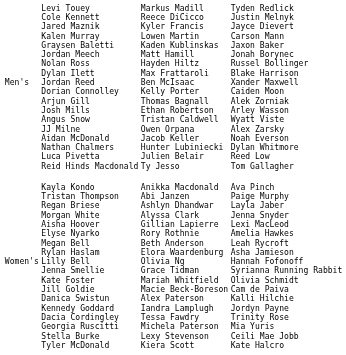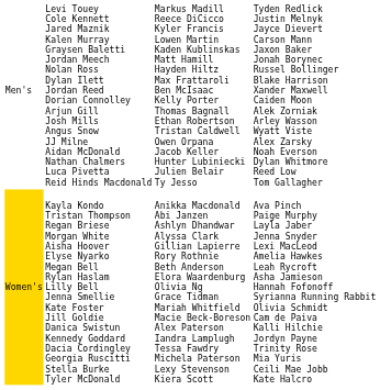 <table>
 <tr>
 <td>Men's</td>
 <td><br>Levi Touey<br>Cole Kennett<br>Jared Maznik<br>Kalen Murray<br>Graysen Baletti<br>Jordan Meech<br>Nolan Ross<br>Dylan Ilett<br>Jordan Reed<br>Dorian Connolley<br>Arjun Gill<br>Josh Mills<br>Angus Snow<br>JJ Milne<br>Aidan McDonald<br>Nathan Chalmers<br>Luca Pivetta<br>Reid Hinds Macdonald</td>
 <td><br>Markus Madill<br>Reece DiCicco<br>Kyler Francis<br>Lowen Martin<br>Kaden Kublinskas<br>Matt Hamill<br>Hayden Hiltz<br>Max Frattaroli<br>Ben McIsaac<br>Kelly Porter<br>Thomas Bagnall<br>Ethan Robertson<br>Tristan Caldwell<br>Owen Orpana<br>Jacob Keller<br>Hunter Lubiniecki<br>Julien Belair<br>Ty Jesso</td>
 <td><br>Tyden Redlick<br>Justin Melnyk<br>Jayce Dievert<br>Carson Mann<br>Jaxon Baker<br>Jonah Borynec<br>Russel Bollinger<br>Blake Harrison<br>Xander Maxwell<br>Caiden Moon<br>Alek Zorniak<br>Arley Wasson<br>Wyatt Viste<br>Alex Zarsky<br>Noah Everson<br>Dylan Whitmore<br>Reed Low<br>Tom Gallagher</td>
 </tr>
 <tr>
-<td>Women's</td>
+<td style="background: gold;">Women's</td>
 <td><br>Kayla Kondo<br>Tristan Thompson<br>Regan Briese<br>Morgan White<br>Aisha Hoover<br>Elyse Nyarko<br>Megan Bell<br>Rylan Haslam<br>Lilly Bell<br>Jenna Smellie<br>Kate Foster<br>Jill Goldie<br>Danica Swistun<br>Kennedy Goddard<br>Dacia Cordingley<br>Georgia Ruscitti<br>Stella Burke<br>Tyler McDonald</td>
 <td><br>Anikka Macdonald<br>Abi Janzen<br>Ashlyn Dhandwar<br>Alyssa Clark<br>Gillian Lapierre<br>Rory Rothnie<br>Beth Anderson<br>Elora Waardenburg<br>Olivia Ng<br>Grace Tidman<br>Mariah Whitfield<br>Macie Beck-Boreson<br>Alex Paterson<br>Iandra Lamplugh<br>Tessa Fawdry<br>Michela Paterson<br>Lexy Stevenson<br>Kiera Scott</td>
 <td><br>Ava Pinch<br>Paige Murphy<br>Layla Jaber<br>Jenna Snyder<br>Lexi MacLeod<br>Amelia Hawkes<br>Leah Rycroft<br>Asha Jamieson<br>Hannah Fofonoff<br>Syrianna Running Rabbit<br>Olivia Schmidt<br>Cam de Paiva<br>Kalli Hilchie<br>Jordyn Payne<br>Trinity Rose<br>Mia Yuris<br>Ceili Mae Jobb<br>Kate Halcro</td>
 </tr>
 </table>
